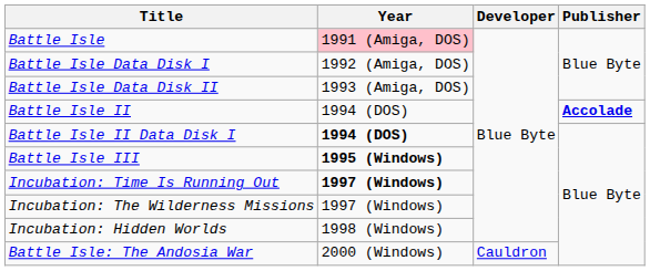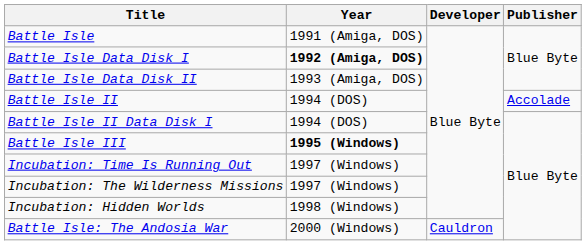 <table class="wikitable">
 <tr>
 <th>Title</th>
 <th>Year</th>
 <th>Developer</th>
 <th>Publisher</th>
 </tr>
 <tr>
 <td><em><a href='#'>Battle Isle</a></em></td>
-<td style="background: pink;">1991 (Amiga, DOS)</td>
+<td>1991 (Amiga, DOS)</td>
 <td rowspan="9">Blue Byte</td>
 <td rowspan="3">Blue Byte</td>
 </tr>
 <tr>
 <td><em><a href='#'>Battle Isle Data Disk I</a></em></td>
-<td>1992 (Amiga, DOS)</td>
+<td><strong>1992 (Amiga, DOS)</strong></td>
 </tr>
 <tr>
 <td><em><a href='#'>Battle Isle Data Disk II</a></em></td>
 <td>1993 (Amiga, DOS)</td>
 </tr>
 <tr>
 <td><em><a href='#'>Battle Isle II</a></em></td>
 <td>1994 (DOS)</td>
-<td><strong><a href='#'>Accolade</a></strong></td>
+<td><a href='#'>Accolade</a></td>
 </tr>
 <tr>
 <td><em><a href='#'>Battle Isle II Data Disk I</a></em></td>
-<td><strong>1994 (DOS)</strong></td>
+<td>1994 (DOS)</td>
 <td rowspan="6">Blue Byte</td>
 </tr>
 <tr>
 <td><em><a href='#'>Battle Isle III</a></em></td>
 <td><strong>1995 (Windows)</strong></td>
 </tr>
 <tr>
 <td><em><a href='#'>Incubation: Time Is Running Out</a></em></td>
-<td><strong>1997 (Windows)</strong></td>
+<td>1997 (Windows)</td>
 </tr>
 <tr>
 <td><em>Incubation: The Wilderness Missions </em></td>
 <td>1997 (Windows)</td>
 </tr>
 <tr>
 <td><em>Incubation: Hidden Worlds</em></td>
 <td>1998 (Windows)</td>
 </tr>
 <tr>
 <td><em><a href='#'>Battle Isle: The Andosia War</a></em></td>
 <td>2000 (Windows)</td>
 <td><a href='#'>Cauldron</a></td>
 </tr>
 </table>
